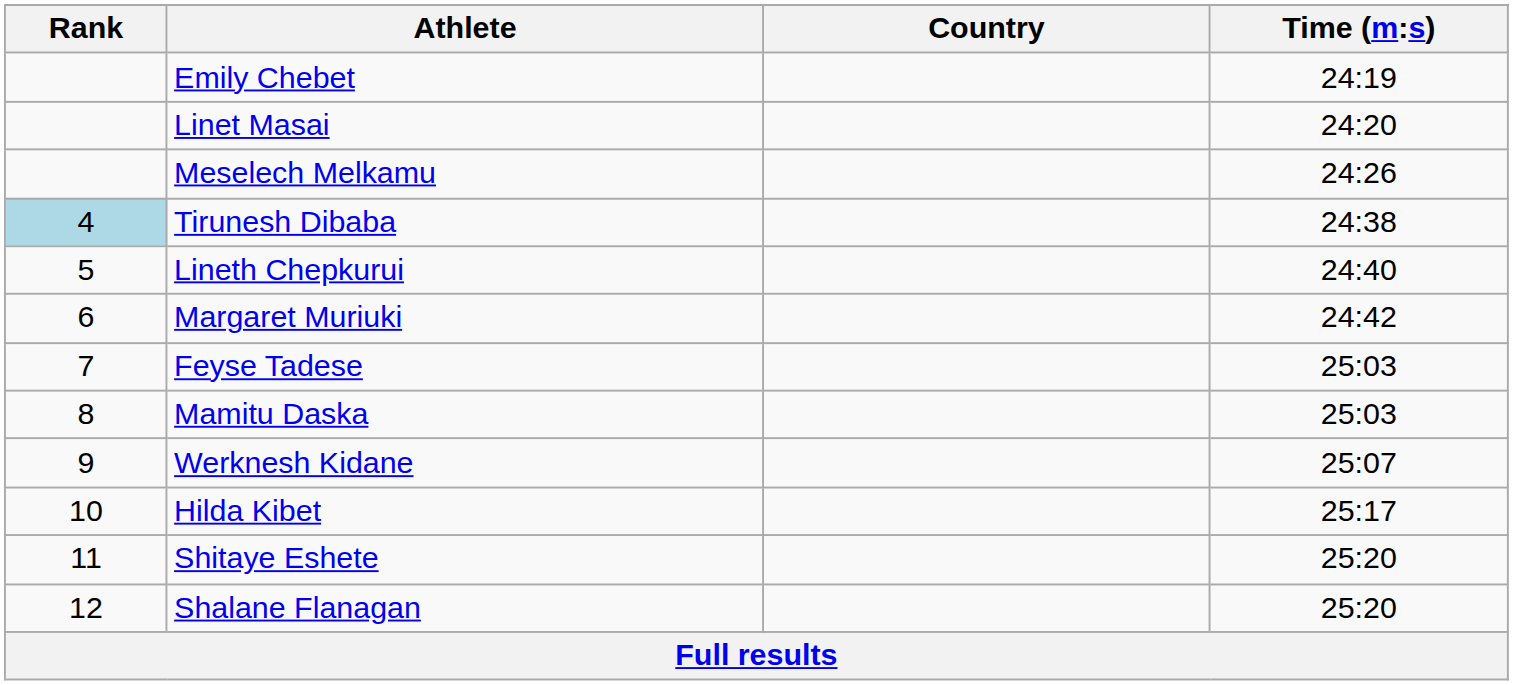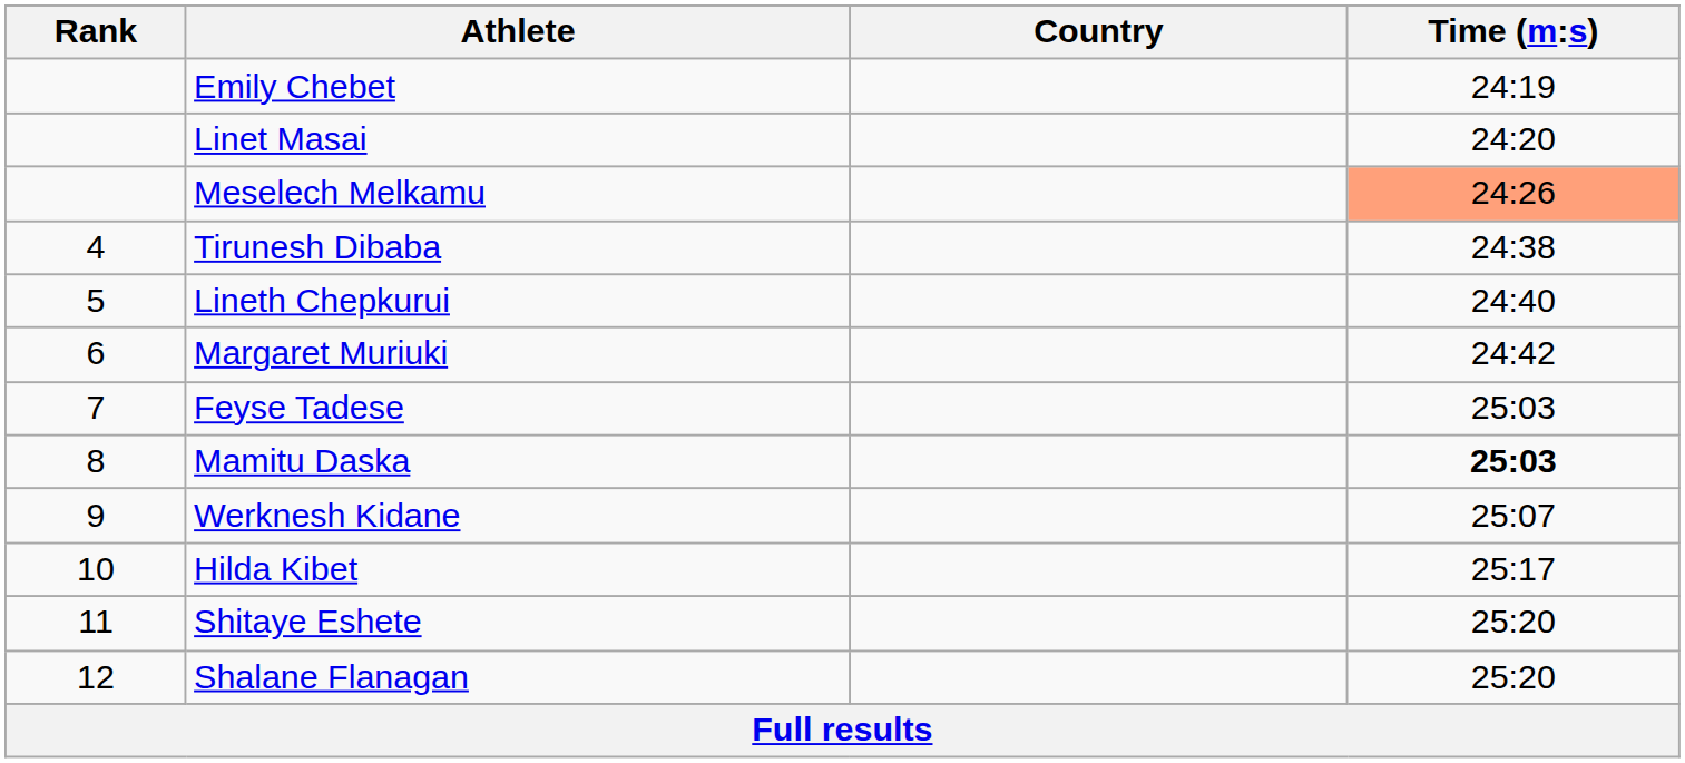 <table class="wikitable" width=50%>
 <tr>
 </tr>
 <tr>
 <th width=5%>Rank</th>
 <th width=20%>Athlete</th>
 <th width=15%>Country</th>
 <th width=10%>Time (<a href='#'>m</a>:<a href='#'>s</a>)</th>
 </tr>
 <tr align="center">
 <td></td>
 <td align="left"><a href='#'>Emily Chebet</a></td>
 <td align="left"></td>
 <td>24:19</td>
 </tr>
 <tr align="center">
 <td></td>
 <td align="left"><a href='#'>Linet Masai</a></td>
 <td align="left"></td>
 <td>24:20</td>
 </tr>
 <tr align="center">
 <td></td>
 <td align="left"><a href='#'>Meselech Melkamu</a></td>
 <td align="left"></td>
-<td>24:26</td>
+<td style="background: lightsalmon;">24:26</td>
 </tr>
 <tr align="center">
-<td style="background: lightblue;">4</td>
+<td>4</td>
 <td align="left"><a href='#'>Tirunesh Dibaba</a></td>
 <td align="left"></td>
 <td>24:38</td>
 </tr>
 <tr align="center">
 <td>5</td>
 <td align="left"><a href='#'>Lineth Chepkurui</a></td>
 <td align="left"></td>
 <td>24:40</td>
 </tr>
 <tr align="center">
 <td>6</td>
 <td align="left"><a href='#'>Margaret Muriuki</a></td>
 <td align="left"></td>
 <td>24:42</td>
 </tr>
 <tr align="center">
 <td>7</td>
 <td align="left"><a href='#'>Feyse Tadese</a></td>
 <td align="left"></td>
 <td>25:03</td>
 </tr>
 <tr align="center">
 <td>8</td>
 <td align="left"><a href='#'>Mamitu Daska</a></td>
 <td align="left"></td>
-<td>25:03</td>
+<td><strong>25:03</strong></td>
 </tr>
 <tr align="center">
 <td>9</td>
 <td align="left"><a href='#'>Werknesh Kidane</a></td>
 <td align="left"></td>
 <td>25:07</td>
 </tr>
 <tr align="center">
 <td>10</td>
 <td align="left"><a href='#'>Hilda Kibet</a></td>
 <td align="left"></td>
 <td>25:17</td>
 </tr>
 <tr align="center">
 <td>11</td>
 <td align="left"><a href='#'>Shitaye Eshete</a></td>
 <td align="left"></td>
 <td>25:20</td>
 </tr>
 <tr align="center">
 <td>12</td>
 <td align="left"><a href='#'>Shalane Flanagan</a></td>
 <td align="left"></td>
 <td>25:20</td>
 </tr>
 <tr class="sortbottom">
 <th colspan=4 align=center><a href='#'>Full results</a></th>
 </tr>
 </table>
